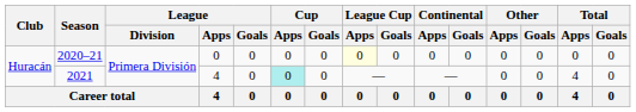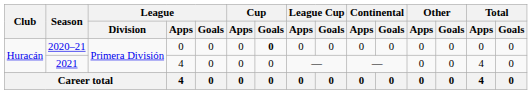 <table class="wikitable" style="text-align:center">
 <tr>
 <th rowspan="2">Club</th>
 <th rowspan="2">Season</th>
 <th colspan="3">League</th>
 <th colspan="2">Cup</th>
 <th colspan="2">League Cup</th>
 <th colspan="2">Continental</th>
 <th colspan="2">Other</th>
 <th colspan="2">Total</th>
 </tr>
 <tr>
 <th>Division</th>
 <th>Apps</th>
 <th>Goals</th>
 <th>Apps</th>
 <th>Goals</th>
 <th>Apps</th>
 <th>Goals</th>
 <th>Apps</th>
 <th>Goals</th>
 <th>Apps</th>
 <th>Goals</th>
 <th>Apps</th>
 <th>Goals</th>
 </tr>
 <tr>
 <td rowspan="2"><a href='#'>Huracán</a></td>
 <td><a href='#'>2020–21</a></td>
 <td rowspan="2"><a href='#'>Primera División</a></td>
 <td>0</td>
 <td>0</td>
 <td>0</td>
+<td><strong>0</strong></td>
 <td>0</td>
-<td style="background: lightyellow;">0</td>
 <td>0</td>
 <td>0</td>
 <td>0</td>
 <td>0</td>
 <td>0</td>
 <td>0</td>
 <td>0</td>
 </tr>
 <tr>
 <td><a href='#'>2021</a></td>
 <td>4</td>
 <td>0</td>
-<td style="background: paleturquoise;">0</td>
+<td>0</td>
 <td>0</td>
 <td colspan="2">—</td>
 <td colspan="2">—</td>
 <td>0</td>
 <td>0</td>
 <td>4</td>
 <td>0</td>
 </tr>
 <tr>
 <th colspan="3">Career total</th>
 <th>4</th>
 <th>0</th>
 <th>0</th>
 <th>0</th>
 <th>0</th>
 <th>0</th>
 <th>0</th>
 <th>0</th>
 <th>0</th>
 <th>0</th>
 <th>4</th>
 <th>0</th>
 </tr>
 </table>
